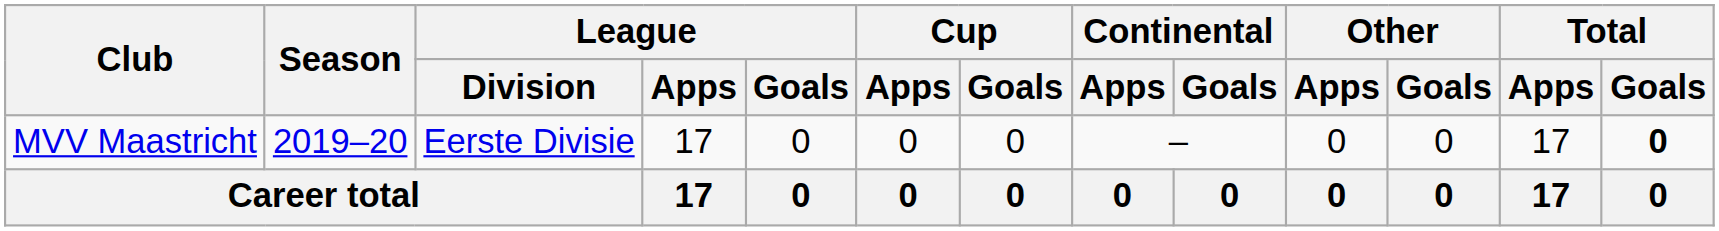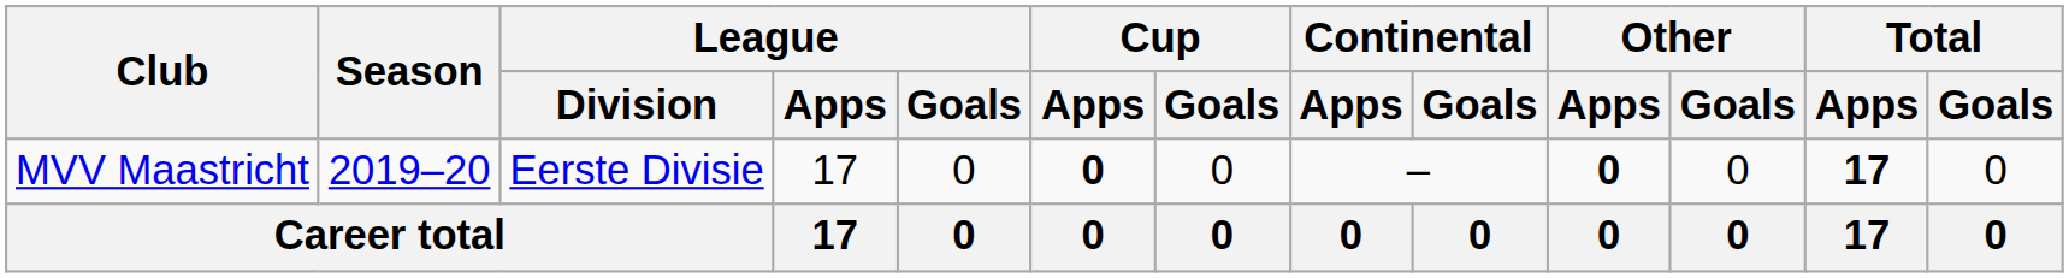 <table class="wikitable" style="text-align: center">
 <tr>
 <th rowspan="2">Club</th>
 <th rowspan="2">Season</th>
 <th colspan="3">League</th>
 <th colspan="2">Cup</th>
 <th colspan="2">Continental</th>
 <th colspan="2">Other</th>
 <th colspan="2">Total</th>
 </tr>
 <tr>
 <th>Division</th>
 <th>Apps</th>
 <th>Goals</th>
 <th>Apps</th>
 <th>Goals</th>
 <th>Apps</th>
 <th>Goals</th>
 <th>Apps</th>
 <th>Goals</th>
 <th>Apps</th>
 <th>Goals</th>
 </tr>
 <tr>
 <td><a href='#'>MVV Maastricht</a></td>
 <td><a href='#'>2019–20</a></td>
 <td><a href='#'>Eerste Divisie</a></td>
 <td>17</td>
 <td>0</td>
-<td>0</td>
+<td><strong>0</strong></td>
 <td>0</td>
 <td colspan="2">–</td>
+<td><strong>0</strong></td>
 <td>0</td>
+<td><strong>17</strong></td>
 <td>0</td>
-<td>17</td>
-<td><strong>0</strong></td>
 </tr>
 <tr>
 <th colspan="3"><strong>Career total</strong></th>
 <th>17</th>
 <th>0</th>
 <th>0</th>
 <th>0</th>
 <th>0</th>
 <th>0</th>
 <th>0</th>
 <th>0</th>
 <th>17</th>
 <th>0</th>
 </tr>
 </table>
